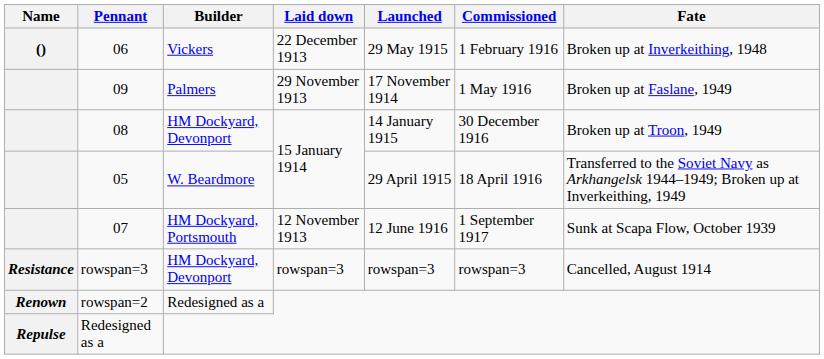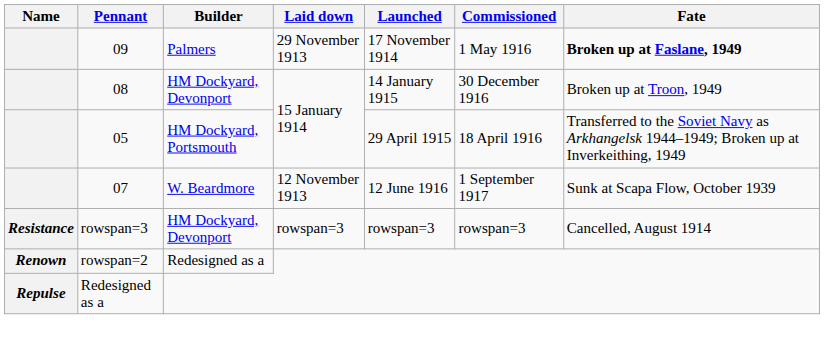 <table class="wikitable plainrowheaders">
 <tr>
 <th scope="col">Name</th>
 <th scope="col"><a href='#'>Pennant</a></th>
 <th scope="col">Builder</th>
 <th scope="col"><a href='#'>Laid down</a></th>
 <th scope="col"><a href='#'>Launched</a></th>
 <th scope="col"><a href='#'>Commissioned</a></th>
 <th scope="col">Fate</th>
 </tr>
 <tr>
-<th scope="row"> ()</th>
-<td style="text-align: center;">06</td>
-<td><a href='#'>Vickers</a></td>
-<td>22 December 1913</td>
-<td>29 May 1915</td>
-<td>1 February 1916</td>
-<td>Broken up at <a href='#'>Inverkeithing</a>, 1948</td>
-</tr>
-<tr>
 <th scope="row"></th>
 <td style="text-align: center;">09</td>
 <td><a href='#'>Palmers</a></td>
 <td>29 November 1913</td>
 <td>17 November 1914</td>
 <td>1 May 1916</td>
-<td>Broken up at <a href='#'>Faslane</a>, 1949</td>
+<td><strong>Broken up at <a href='#'>Faslane</a>, 1949</strong></td>
 </tr>
 <tr>
 <th scope="row"></th>
 <td style="text-align: center;">08</td>
 <td><a href='#'>HM Dockyard, Devonport</a></td>
 <td rowspan=2>15 January 1914</td>
 <td>14 January 1915</td>
 <td>30 December 1916</td>
 <td>Broken up at <a href='#'>Troon</a>, 1949</td>
 </tr>
 <tr>
 <th scope="row"></th>
 <td style="text-align: center;">05</td>
-<td><a href='#'>W. Beardmore</a></td>
+<td><a href='#'>HM Dockyard, Portsmouth</a></td>
 <td>29 April 1915</td>
 <td>18 April 1916</td>
 <td>Transferred to the <a href='#'>Soviet Navy</a> as <em>Arkhangelsk</em> 1944–1949; Broken up at Inverkeithing, 1949</td>
 </tr>
 <tr>
 <th scope="row"></th>
 <td style="text-align: center;">07</td>
-<td><a href='#'>HM Dockyard, Portsmouth</a></td>
+<td><a href='#'>W. Beardmore</a></td>
 <td>12 November 1913</td>
 <td>12 June 1916</td>
 <td>1 September 1917</td>
 <td>Sunk at Scapa Flow, October 1939</td>
 </tr>
 <tr>
 <th scope="row"><em>Resistance</em></th>
 <td>rowspan=3 </td>
 <td><a href='#'>HM Dockyard, Devonport</a></td>
 <td>rowspan=3 </td>
 <td>rowspan=3 </td>
 <td>rowspan=3 </td>
 <td>Cancelled, August 1914</td>
 </tr>
 <tr>
 <th scope="row"><em>Renown</em></th>
 <td>rowspan=2 </td>
 <td>Redesigned as a </td>
 </tr>
 <tr>
 <th scope="row"><em>Repulse</em></th>
 <td>Redesigned as a </td>
 </tr>
 </table>
